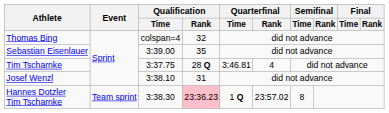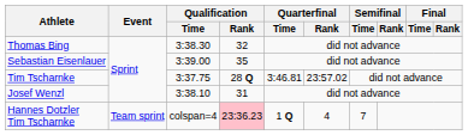 <table class="wikitable" style="font-size:90%">
 <tr>
 <th rowspan="2">Athlete</th>
 <th rowspan="2">Event</th>
 <th colspan="2">Qualification</th>
 <th colspan="2">Quarterfinal</th>
 <th colspan="2">Semifinal</th>
 <th colspan="2">Final</th>
 </tr>
 <tr style="font-size:95%">
 <th>Time</th>
 <th>Rank</th>
 <th>Time</th>
 <th>Rank</th>
 <th>Time</th>
 <th>Rank</th>
 <th>Time</th>
 <th>Rank</th>
 </tr>
 <tr align=center>
 <td align=left><a href='#'>Thomas Bing</a></td>
 <td align=left rowspan=4><a href='#'>Sprint</a></td>
-<td>colspan=4 </td>
+<td>3:38.30</td>
 <td>32</td>
 <td colspan=6>did not advance</td>
 </tr>
 <tr align=center>
 <td align=left><a href='#'>Sebastian Eisenlauer</a></td>
 <td>3:39.00</td>
 <td>35</td>
 <td colspan=6>did not advance</td>
 </tr>
 <tr align=center>
 <td align=left><a href='#'>Tim Tscharnke</a></td>
 <td>3:37.75</td>
 <td>28 <strong>Q</strong></td>
 <td>3:46.81</td>
-<td>4</td>
+<td>23:57.02</td>
 <td colspan=4>did not advance</td>
 </tr>
 <tr align=center>
 <td align=left><a href='#'>Josef Wenzl</a></td>
 <td>3:38.10</td>
 <td>31</td>
 <td colspan=6>did not advance</td>
 </tr>
 <tr align=center>
 <td align=left><a href='#'>Hannes Dotzler</a><br><a href='#'>Tim Tscharnke</a></td>
 <td align=left><a href='#'>Team sprint</a></td>
-<td>3:38.30</td>
+<td>colspan=4 </td>
 <td style="background: pink;">23:36.23</td>
 <td>1 <strong>Q</strong></td>
-<td>23:57.02</td>
-<td>8</td>
+<td>4</td>
+<td>7</td>
 </tr>
 </table>
